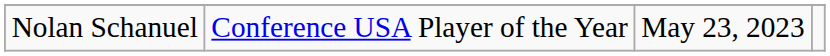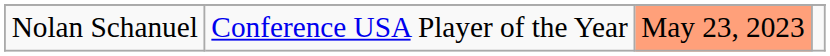 <table class="wikitable sortable sortable" style="text-align: center">
 <tr align=center>
 </tr>
 <tr>
 <td>Nolan Schanuel</td>
 <td><a href='#'>Conference USA</a> Player of the Year</td>
-<td>May 23, 2023</td>
+<td style="background: lightsalmon;">May 23, 2023</td>
 <td></td>
 </tr>
 </table>
